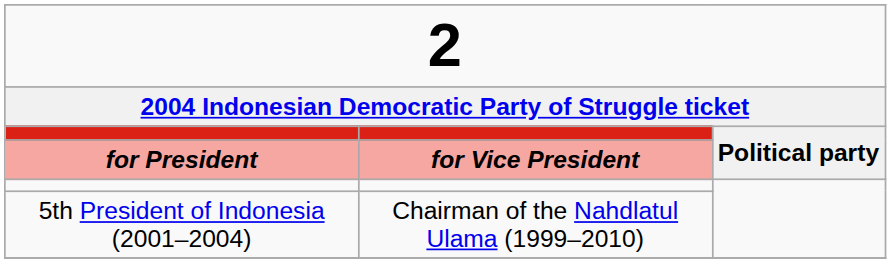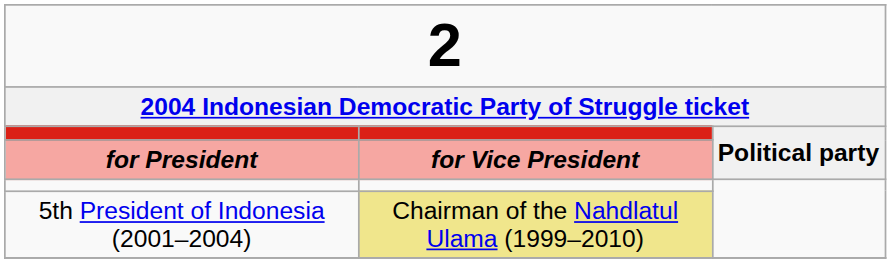 <table class="wikitable" style="font-size:90%; text-align:center">
 <tr>
 <td colspan=3 style="text-align:center;"><big><big><big><big><big><strong>2</strong></big></big></big></big></big></td>
 </tr>
 <tr>
 <td colspan=3 style="background:#f1f1f1;"><strong><a href='#'>2004 Indonesian Democratic Party of Struggle ticket</a></strong></td>
 </tr>
 <tr>
 <th style="font-size:135%; background:#DB2016;"><a href='#'></a></th>
 <th style="font-size:135%; background:#DB2016;"><a href='#'></a></th>
 <td rowspan=2 style="background:#f1f1f1;"><strong>Political party</strong></td>
 </tr>
 <tr style="color:#000; font-size:100%;">
 <td style="width:3em; width:200px; background:#F6A7A2;"><strong><em>for President</em></strong></td>
 <td style="width:3em; width:200px; background:#F6A7A2;"><strong><em>for Vice President</em></strong></td>
 </tr>
 <tr>
 <td></td>
 <td></td>
 <td rowspan=2></td>
 </tr>
 <tr>
 <td>5th <a href='#'>President of Indonesia</a> (2001–2004)</td>
-<td>Chairman of the <a href='#'>Nahdlatul Ulama</a> (1999–2010)</td>
+<td style="background: khaki;">Chairman of the <a href='#'>Nahdlatul Ulama</a> (1999–2010)</td>
 </tr>
 <tr>
 </tr>
 </table>
